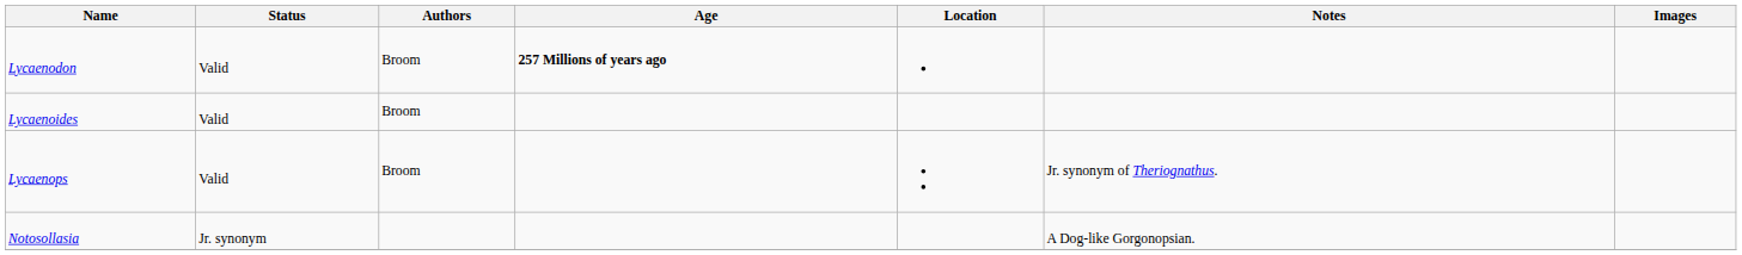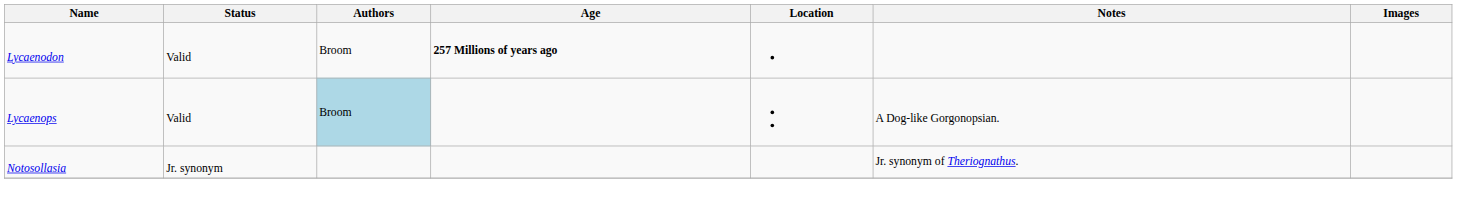 <table class="wikitable sortable" align="center" width="100%">
 <tr>
 <th>Name</th>
 <th>Status</th>
 <th>Authors</th>
 <th>Age</th>
 <th>Location</th>
 <th width="33%" class="unsortable">Notes</th>
 <th>Images<br>  </th>
 </tr>
 <tr>
 <td><br><em><a href='#'>Lycaenodon</a></em></td>
 <td><br>Valid</td>
 <td>Broom</td>
 <td><strong>257 Millions of years ago</strong></td>
 <td><br><ul><li></li></ul></td>
 <td></td>
 <td></td>
 </tr>
 <tr>
-<td><br><em><a href='#'>Lycaenoides</a></em></td>
-<td><br>Valid</td>
-<td>Broom</td>
-<td></td>
-<td></td>
-<td></td>
-<td></td>
-</tr>
-<tr>
 <td><br><em><a href='#'>Lycaenops</a></em></td>
 <td><br>Valid</td>
-<td>Broom</td>
+<td style="background: lightblue;">Broom</td>
 <td></td>
 <td><br><ul><li></li><li></li></ul></td>
-<td>Jr. synonym of <em><a href='#'>Theriognathus</a></em>.</td>
+<td><br>A Dog-like Gorgonopsian.</td>
 <td><br></td>
 </tr>
 <tr>
 <td><br><em><a href='#'>Notosollasia</a></em></td>
 <td><br>Jr. synonym</td>
 <td></td>
 <td></td>
 <td></td>
-<td><br>A Dog-like Gorgonopsian.</td>
+<td>Jr. synonym of <em><a href='#'>Theriognathus</a></em>.</td>
 <td></td>
 </tr>
 <tr>
 </tr>
 </table>
